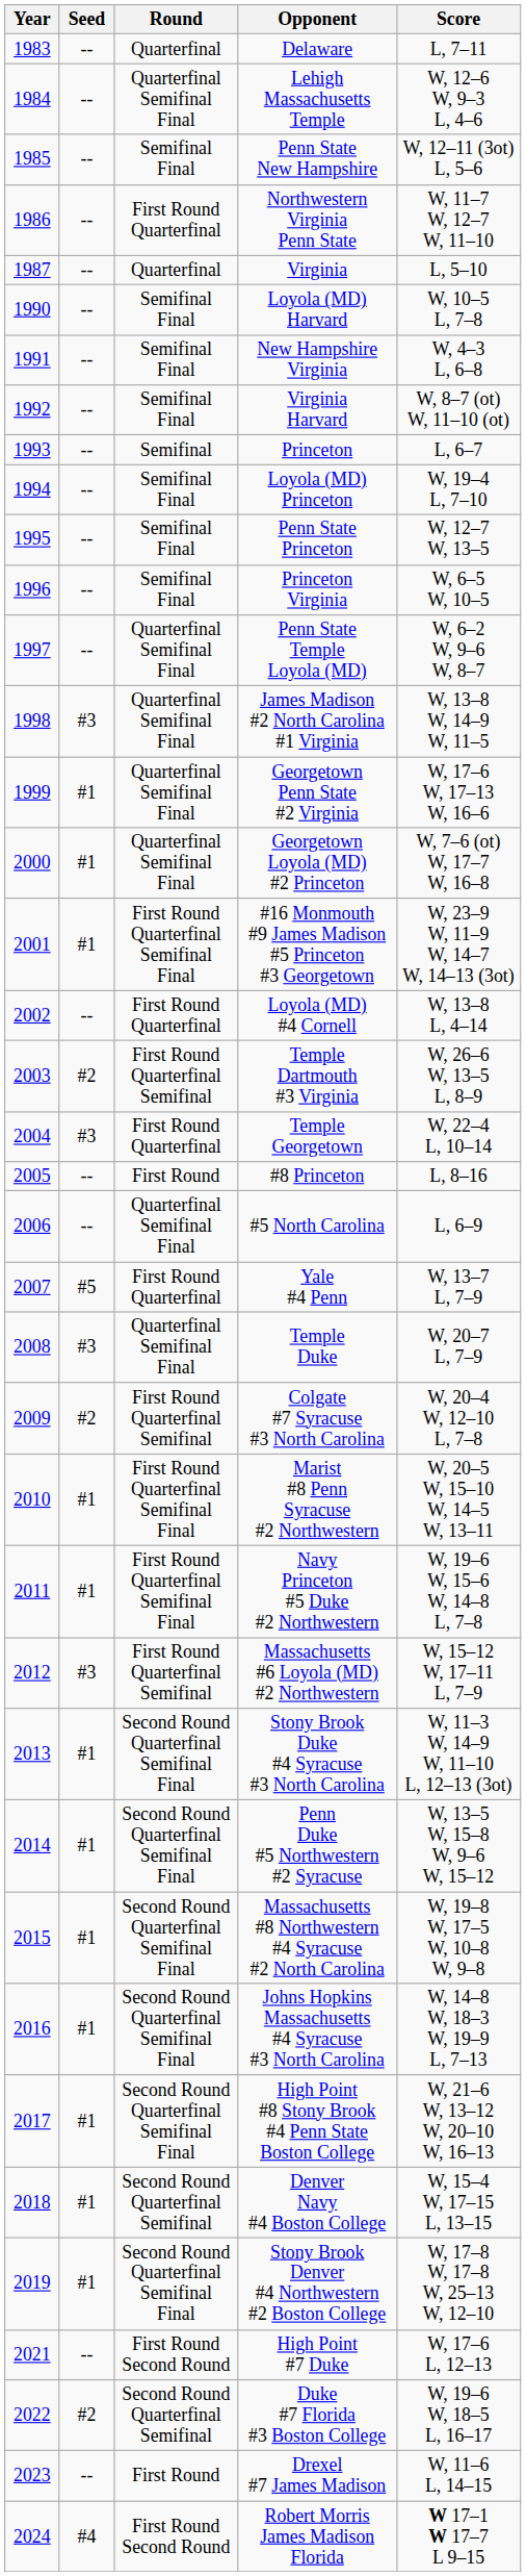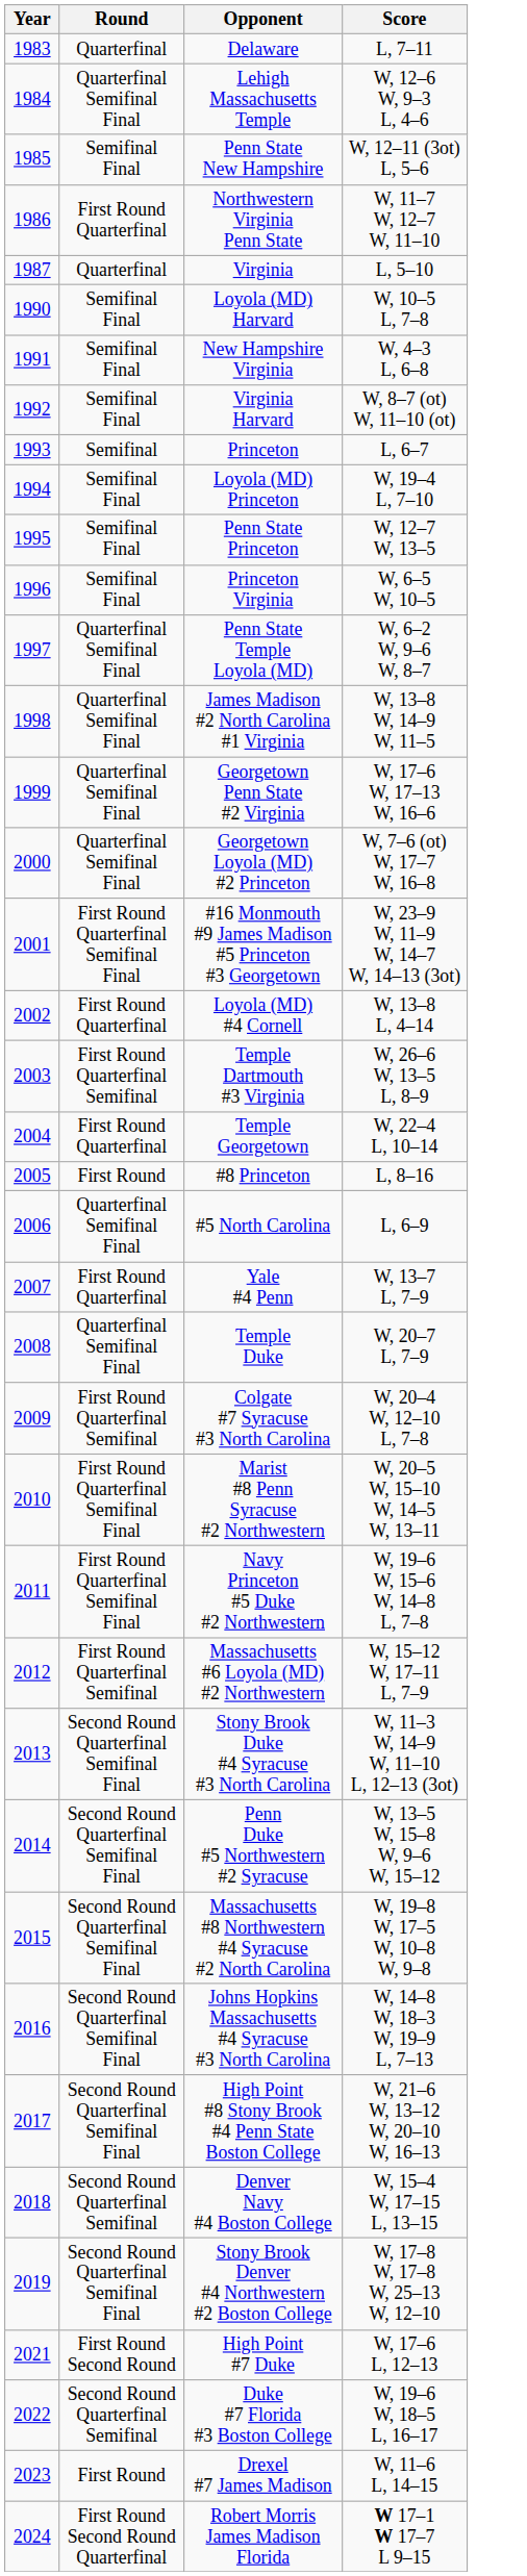 <table class="wikitable">
 <tr>
 <th style="width:40px; ">Year</th>
-<th style="width:40px; ">Seed</th>
 <th style="width:100px; ">Round</th>
 <th style="width:130px; ">Opponent</th>
 <th style="width:100px; ">Score</th>
 </tr>
 <tr align="center">
 <td><a href='#'>1983</a></td>
-<td>--</td>
 <td>Quarterfinal</td>
 <td><a href='#'>Delaware</a></td>
 <td>L, 7–11</td>
 </tr>
 <tr align="center">
 <td><a href='#'>1984</a></td>
-<td>--</td>
 <td>Quarterfinal<br>Semifinal<br>Final</td>
 <td><a href='#'>Lehigh</a><br><a href='#'>Massachusetts</a><br><a href='#'>Temple</a></td>
 <td>W, 12–6<br>W, 9–3<br>L, 4–6</td>
 </tr>
 <tr align="center">
 <td><a href='#'>1985</a></td>
-<td>--</td>
 <td>Semifinal<br>Final</td>
 <td><a href='#'>Penn State</a><br><a href='#'>New Hampshire</a></td>
 <td>W, 12–11 (3ot)<br>L, 5–6</td>
 </tr>
 <tr align="center">
 <td><a href='#'>1986</a></td>
-<td>--</td>
 <td>First Round<br>Quarterfinal</td>
 <td><a href='#'>Northwestern</a><br><a href='#'>Virginia</a><br><a href='#'>Penn State</a></td>
 <td>W, 11–7<br>W, 12–7<br>W, 11–10</td>
 </tr>
 <tr align="center">
 <td><a href='#'>1987</a></td>
-<td>--</td>
 <td>Quarterfinal</td>
 <td><a href='#'>Virginia</a></td>
 <td>L, 5–10</td>
 </tr>
 <tr align="center">
 <td><a href='#'>1990</a></td>
-<td>--</td>
 <td>Semifinal<br>Final</td>
 <td><a href='#'>Loyola (MD)</a><br><a href='#'>Harvard</a></td>
 <td>W, 10–5<br>L, 7–8</td>
 </tr>
 <tr align="center">
 <td><a href='#'>1991</a></td>
-<td>--</td>
 <td>Semifinal<br>Final</td>
 <td><a href='#'>New Hampshire</a><br><a href='#'>Virginia</a></td>
 <td>W, 4–3<br>L, 6–8</td>
 </tr>
 <tr align="center">
 <td><a href='#'>1992</a></td>
-<td>--</td>
 <td>Semifinal<br>Final</td>
 <td><a href='#'>Virginia</a><br><a href='#'>Harvard</a></td>
 <td>W, 8–7 (ot)<br>W, 11–10 (ot)</td>
 </tr>
 <tr align="center">
 <td><a href='#'>1993</a></td>
-<td>--</td>
 <td>Semifinal</td>
 <td><a href='#'>Princeton</a></td>
 <td>L, 6–7</td>
 </tr>
 <tr align="center">
 <td><a href='#'>1994</a></td>
-<td>--</td>
 <td>Semifinal<br>Final</td>
 <td><a href='#'>Loyola (MD)</a><br><a href='#'>Princeton</a></td>
 <td>W, 19–4<br>L, 7–10</td>
 </tr>
 <tr align="center">
 <td><a href='#'>1995</a></td>
-<td>--</td>
 <td>Semifinal<br>Final</td>
 <td><a href='#'>Penn State</a><br><a href='#'>Princeton</a></td>
 <td>W, 12–7<br>W, 13–5</td>
 </tr>
 <tr align="center">
 <td><a href='#'>1996</a></td>
-<td>--</td>
 <td>Semifinal<br>Final</td>
 <td><a href='#'>Princeton</a><br><a href='#'>Virginia</a></td>
 <td>W, 6–5<br>W, 10–5</td>
 </tr>
 <tr align="center">
 <td><a href='#'>1997</a></td>
-<td>--</td>
 <td>Quarterfinal<br>Semifinal<br>Final</td>
 <td><a href='#'>Penn State</a><br><a href='#'>Temple</a><br><a href='#'>Loyola (MD)</a></td>
 <td>W, 6–2<br>W, 9–6<br>W, 8–7</td>
 </tr>
 <tr align="center">
 <td><a href='#'>1998</a></td>
-<td>#3</td>
 <td>Quarterfinal<br>Semifinal<br>Final</td>
 <td><a href='#'>James Madison</a><br>#2 <a href='#'>North Carolina</a><br>#1 <a href='#'>Virginia</a></td>
 <td>W, 13–8<br>W, 14–9<br>W, 11–5</td>
 </tr>
 <tr align="center">
 <td><a href='#'>1999</a></td>
-<td>#1</td>
 <td>Quarterfinal<br>Semifinal<br>Final</td>
 <td><a href='#'>Georgetown</a><br><a href='#'>Penn State</a><br>#2 <a href='#'>Virginia</a></td>
 <td>W, 17–6<br>W, 17–13<br>W, 16–6</td>
 </tr>
 <tr align="center">
 <td><a href='#'>2000</a></td>
-<td>#1</td>
 <td>Quarterfinal<br>Semifinal<br>Final</td>
 <td><a href='#'>Georgetown</a><br><a href='#'>Loyola (MD)</a><br>#2 <a href='#'>Princeton</a></td>
 <td>W, 7–6 (ot)<br>W, 17–7<br>W, 16–8</td>
 </tr>
 <tr align="center">
 <td><a href='#'>2001</a></td>
-<td>#1</td>
 <td>First Round<br>Quarterfinal<br>Semifinal<br>Final</td>
 <td>#16 <a href='#'>Monmouth</a><br>#9 <a href='#'>James Madison</a><br>#5 <a href='#'>Princeton</a><br>#3 <a href='#'>Georgetown</a></td>
 <td>W, 23–9<br>W, 11–9<br>W, 14–7<br>W, 14–13 (3ot)</td>
 </tr>
 <tr align="center">
 <td><a href='#'>2002</a></td>
-<td>--</td>
 <td>First Round<br>Quarterfinal</td>
 <td><a href='#'>Loyola (MD)</a><br>#4 <a href='#'>Cornell</a></td>
 <td>W, 13–8<br>L, 4–14</td>
 </tr>
 <tr align="center">
 <td><a href='#'>2003</a></td>
-<td>#2</td>
 <td>First Round<br>Quarterfinal<br>Semifinal</td>
 <td><a href='#'>Temple</a><br><a href='#'>Dartmouth</a><br>#3 <a href='#'>Virginia</a></td>
 <td>W, 26–6<br>W, 13–5<br>L, 8–9</td>
 </tr>
 <tr align="center">
 <td><a href='#'>2004</a></td>
-<td>#3</td>
 <td>First Round<br>Quarterfinal</td>
 <td><a href='#'>Temple</a><br><a href='#'>Georgetown</a></td>
 <td>W, 22–4<br>L, 10–14</td>
 </tr>
 <tr align="center">
 <td><a href='#'>2005</a></td>
-<td>--</td>
 <td>First Round</td>
 <td>#8 <a href='#'>Princeton</a></td>
 <td>L, 8–16</td>
 </tr>
 <tr align="center">
 <td><a href='#'>2006</a></td>
-<td>--</td>
 <td>Quarterfinal<br>Semifinal<br>Final</td>
 <td>#5 <a href='#'>North Carolina</a></td>
 <td>L, 6–9</td>
 </tr>
 <tr align="center">
 <td><a href='#'>2007</a></td>
-<td>#5</td>
 <td>First Round<br>Quarterfinal</td>
 <td><a href='#'>Yale</a><br>#4 <a href='#'>Penn</a></td>
 <td>W, 13–7<br>L, 7–9</td>
 </tr>
 <tr align="center">
 <td><a href='#'>2008</a></td>
-<td>#3</td>
 <td>Quarterfinal<br>Semifinal<br>Final</td>
 <td><a href='#'>Temple</a><br><a href='#'>Duke</a></td>
 <td>W, 20–7<br>L, 7–9</td>
 </tr>
 <tr align="center">
 <td><a href='#'>2009</a></td>
-<td>#2</td>
 <td>First Round<br>Quarterfinal<br>Semifinal</td>
 <td><a href='#'>Colgate</a><br>#7 <a href='#'>Syracuse</a><br>#3 <a href='#'>North Carolina</a></td>
 <td>W, 20–4<br>W, 12–10<br>L, 7–8</td>
 </tr>
 <tr align="center">
 <td><a href='#'>2010</a></td>
-<td>#1</td>
 <td>First Round<br>Quarterfinal<br>Semifinal<br>Final</td>
 <td><a href='#'>Marist</a><br>#8 <a href='#'>Penn</a><br><a href='#'>Syracuse</a><br>#2 <a href='#'>Northwestern</a></td>
 <td>W, 20–5<br>W, 15–10<br>W, 14–5<br>W, 13–11</td>
 </tr>
 <tr align="center">
 <td><a href='#'>2011</a></td>
-<td>#1</td>
 <td>First Round<br>Quarterfinal<br>Semifinal<br>Final</td>
 <td><a href='#'>Navy</a><br><a href='#'>Princeton</a><br>#5 <a href='#'>Duke</a><br>#2 <a href='#'>Northwestern</a></td>
 <td>W, 19–6<br>W, 15–6<br>W, 14–8<br>L, 7–8</td>
 </tr>
 <tr align="center">
 <td><a href='#'>2012</a></td>
-<td>#3</td>
 <td>First Round<br>Quarterfinal<br>Semifinal</td>
 <td><a href='#'>Massachusetts</a><br>#6 <a href='#'>Loyola (MD)</a><br>#2 <a href='#'>Northwestern</a></td>
 <td>W, 15–12<br>W, 17–11<br>L, 7–9</td>
 </tr>
 <tr align="center">
 <td><a href='#'>2013</a></td>
-<td>#1</td>
 <td>Second Round<br>Quarterfinal<br>Semifinal<br>Final</td>
 <td><a href='#'>Stony Brook</a><br><a href='#'>Duke</a><br>#4 <a href='#'>Syracuse</a><br>#3 <a href='#'>North Carolina</a></td>
 <td>W, 11–3<br>W, 14–9<br>W, 11–10<br>L, 12–13 (3ot)</td>
 </tr>
 <tr align="center">
 <td><a href='#'>2014</a></td>
-<td>#1</td>
 <td>Second Round<br>Quarterfinal<br>Semifinal<br>Final</td>
 <td><a href='#'>Penn</a><br><a href='#'>Duke</a><br>#5 <a href='#'>Northwestern</a><br>#2 <a href='#'>Syracuse</a></td>
 <td>W, 13–5<br>W, 15–8<br>W, 9–6<br>W, 15–12</td>
 </tr>
 <tr align="center">
 <td><a href='#'>2015</a></td>
-<td>#1</td>
 <td>Second Round<br>Quarterfinal<br>Semifinal<br>Final</td>
 <td><a href='#'>Massachusetts</a><br>#8 <a href='#'>Northwestern</a><br>#4 <a href='#'>Syracuse</a><br>#2 <a href='#'>North Carolina</a></td>
 <td>W, 19–8<br>W, 17–5<br>W, 10–8<br>W, 9–8</td>
 </tr>
 <tr align="center">
 <td><a href='#'>2016</a></td>
-<td>#1</td>
 <td>Second Round<br>Quarterfinal<br>Semifinal<br>Final</td>
 <td><a href='#'>Johns Hopkins</a><br><a href='#'>Massachusetts</a><br>#4 <a href='#'>Syracuse</a><br>#3 <a href='#'>North Carolina</a></td>
 <td>W, 14–8<br>W, 18–3<br>W, 19–9<br>L, 7–13</td>
 </tr>
 <tr align="center">
 <td><a href='#'>2017</a></td>
-<td>#1</td>
 <td>Second Round<br>Quarterfinal<br>Semifinal<br>Final</td>
 <td><a href='#'>High Point</a><br>#8 <a href='#'>Stony Brook</a><br>#4 <a href='#'>Penn State</a><br><a href='#'>Boston College</a></td>
 <td>W, 21–6<br>W, 13–12<br>W, 20–10<br>W, 16–13</td>
 </tr>
 <tr align="center">
 <td><a href='#'>2018</a></td>
-<td>#1</td>
 <td>Second Round<br>Quarterfinal<br>Semifinal</td>
 <td><a href='#'>Denver</a><br><a href='#'>Navy</a><br>#4 <a href='#'>Boston College</a></td>
 <td>W, 15–4<br>W, 17–15<br>L, 13–15</td>
 </tr>
 <tr align="center">
 <td><a href='#'>2019</a></td>
-<td>#1</td>
 <td>Second Round<br>Quarterfinal<br>Semifinal<br>Final</td>
 <td><a href='#'>Stony Brook</a><br> <a href='#'>Denver</a><br>#4 <a href='#'>Northwestern</a><br>#2 <a href='#'>Boston College</a></td>
 <td>W, 17–8<br>W, 17–8<br>W, 25–13<br>W, 12–10<br></td>
 </tr>
 <tr align="center">
 <td><a href='#'>2021</a></td>
-<td>--</td>
 <td>First Round<br>Second Round</td>
 <td><a href='#'>High Point</a><br>#7 <a href='#'>Duke</a></td>
 <td>W, 17–6<br> L, 12–13</td>
 </tr>
 <tr align="center">
 <td><a href='#'>2022</a></td>
-<td>#2</td>
 <td>Second Round<br>Quarterfinal<br>Semifinal</td>
 <td><a href='#'>Duke</a><br>#7 <a href='#'>Florida</a><br>#3 <a href='#'>Boston College</a></td>
 <td>W, 19–6<br>W, 18–5<br>L, 16–17</td>
 </tr>
 <tr align="center">
 <td><a href='#'>2023</a></td>
-<td>--</td>
 <td>First Round</td>
 <td><a href='#'>Drexel</a><br>#7 <a href='#'>James Madison</a></td>
 <td>W, 11–6<br> L, 14–15</td>
 </tr>
 <tr align="center">
 <td><a href='#'>2024</a></td>
-<td>#4</td>
-<td>First Round<br>Second Round</td>
+<td>First Round<br>Second Round<br>Quarterfinal</td>
 <td><a href='#'>Robert Morris</a><br><a href='#'>James Madison</a><br><a href='#'>Florida</a></td>
 <td><strong>W</strong> 17–1<br><strong>W</strong> 17–7<br>L 9–15</td>
 </tr>
 </table>
